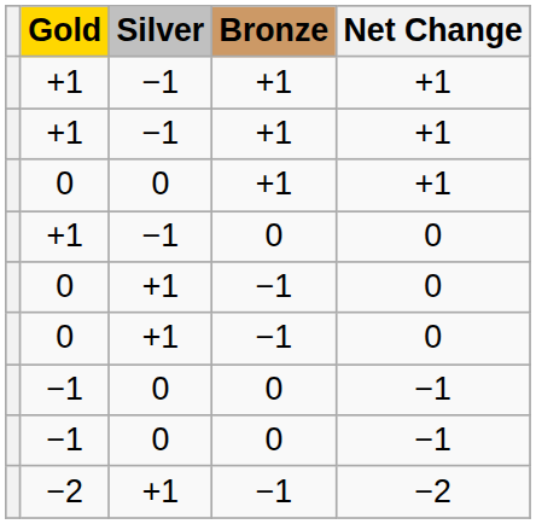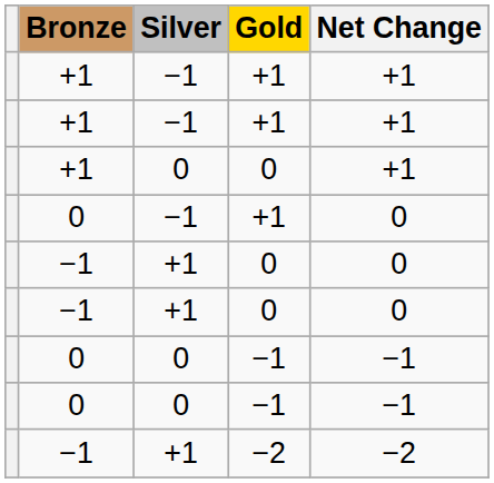 <table class="wikitable plainrowheaders sortable" style="text-align:center">
 <tr>
 <th></th>
+<th style="background-color:#c96">Bronze</th>
+<th style="background-color:silver">Silver</th>
 <th style="background-color:gold">Gold</th>
-<th style="background-color:silver">Silver</th>
-<th style="background-color:#c96">Bronze</th>
 <th>Net Change</th>
 </tr>
 <tr>
 <th scope="row" style="text-align:left"></th>
 <td>+1</td>
 <td>−1</td>
 <td>+1</td>
 <td>+1</td>
 </tr>
 <tr>
 <th scope="row" style="text-align:left"></th>
 <td>+1</td>
 <td>−1</td>
 <td>+1</td>
 <td>+1</td>
 </tr>
 <tr>
 <th scope="row" style="text-align:left"></th>
+<td>+1</td>
 <td>0</td>
 <td>0</td>
-<td>+1</td>
 <td>+1</td>
 </tr>
 <tr>
 <th scope="row" style="text-align:left"></th>
+<td>0</td>
+<td>−1</td>
 <td>+1</td>
+<td>0</td>
+</tr>
+<tr>
+<th scope="row" style="text-align:left"></th>
 <td>−1</td>
+<td>+1</td>
+<td>0</td>
+<td>0</td>
+</tr>
+<tr>
+<th scope="row" style="text-align:left"></th>
+<td>−1</td>
+<td>+1</td>
 <td>0</td>
 <td>0</td>
 </tr>
 <tr>
 <th scope="row" style="text-align:left"></th>
 <td>0</td>
-<td>+1</td>
+<td>0</td>
 <td>−1</td>
-<td>0</td>
+<td>−1</td>
 </tr>
 <tr>
 <th scope="row" style="text-align:left"></th>
 <td>0</td>
-<td>+1</td>
+<td>0</td>
 <td>−1</td>
-<td>0</td>
-</tr>
-<tr>
-<th scope="row" style="text-align:left"></th>
-<td>−1</td>
-<td>0</td>
-<td>0</td>
 <td>−1</td>
 </tr>
 <tr>
 <th scope="row" style="text-align:left"></th>
 <td>−1</td>
-<td>0</td>
-<td>0</td>
-<td>−1</td>
-</tr>
-<tr>
-<th scope="row" style="text-align:left"></th>
+<td>+1</td>
 <td>−2</td>
-<td>+1</td>
-<td>−1</td>
 <td>−2</td>
 </tr>
 </table>
